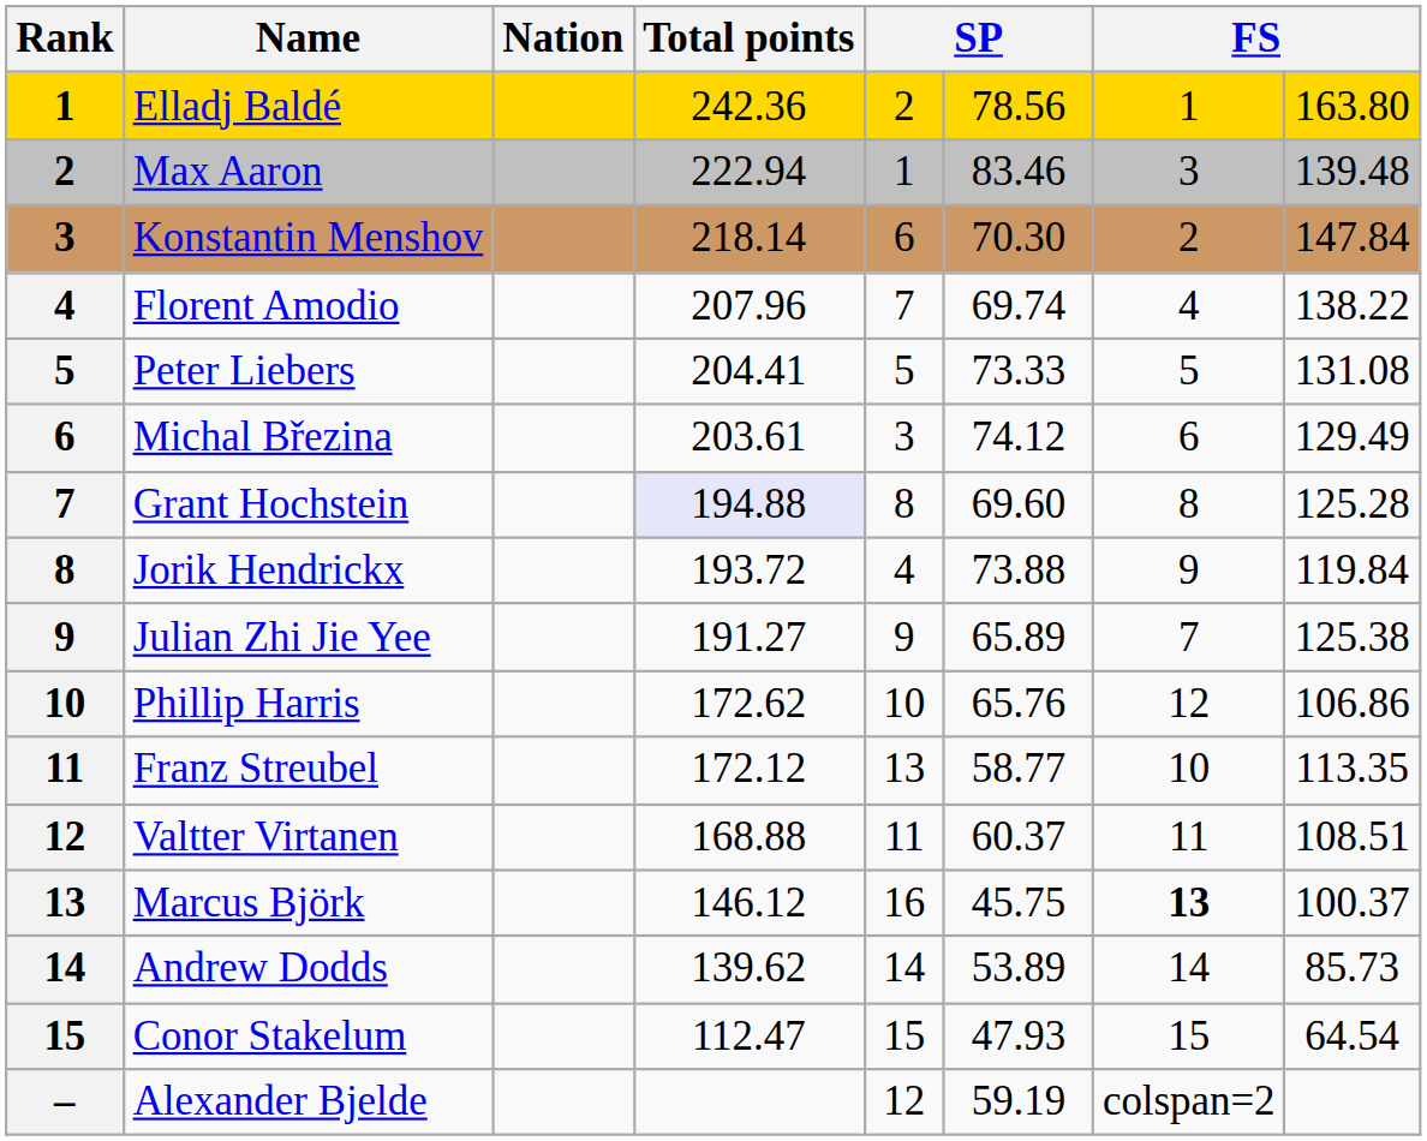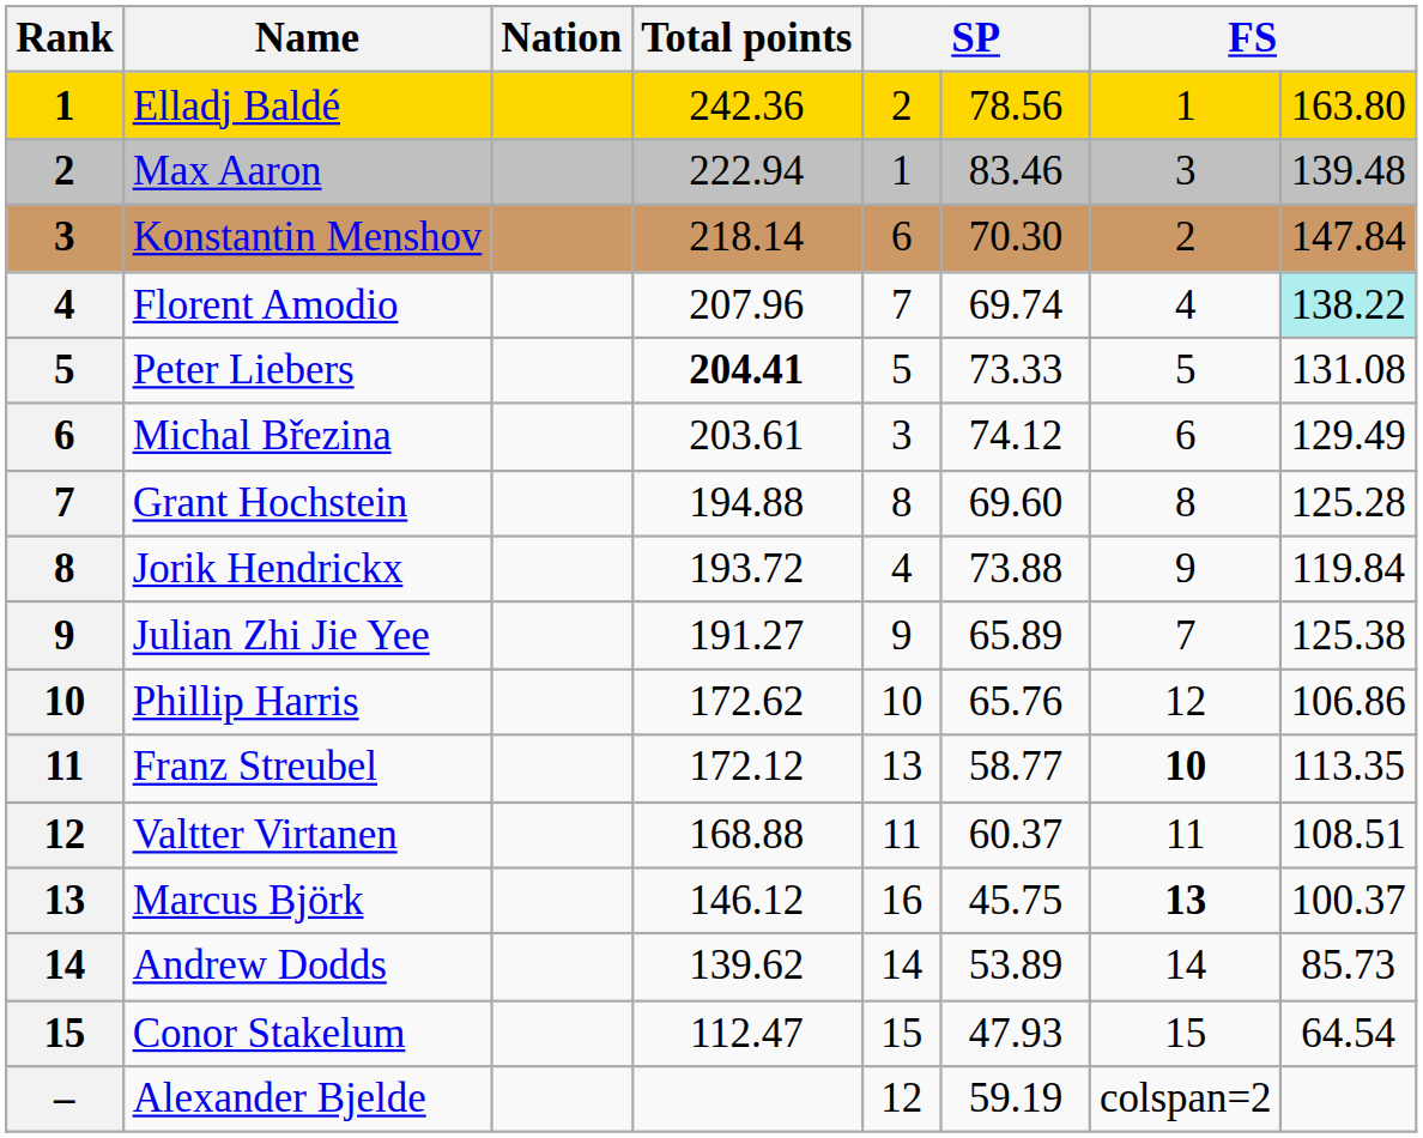 <table class="wikitable sortable">
 <tr>
 <th>Rank</th>
 <th>Name</th>
 <th>Nation</th>
 <th>Total points</th>
 <th colspan="2" width="80px"><a href='#'>SP</a></th>
 <th colspan="2" width="80px"><a href='#'>FS</a></th>
 </tr>
 <tr bgcolor="gold">
 <td align="center"><strong>1</strong></td>
 <td><a href='#'>Elladj Baldé</a></td>
 <td></td>
 <td align="center">242.36</td>
 <td align="center">2</td>
 <td align="center">78.56</td>
 <td align="center">1</td>
 <td align="center">163.80</td>
 </tr>
 <tr bgcolor="silver">
 <td align="center"><strong>2</strong></td>
 <td><a href='#'>Max Aaron</a></td>
 <td></td>
 <td align="center">222.94</td>
 <td align="center">1</td>
 <td align="center">83.46</td>
 <td align="center">3</td>
 <td align="center">139.48</td>
 </tr>
 <tr bgcolor="cc9966">
 <td align="center"><strong>3</strong></td>
 <td><a href='#'>Konstantin Menshov</a></td>
 <td></td>
 <td align="center">218.14</td>
 <td align="center">6</td>
 <td align="center">70.30</td>
 <td align="center">2</td>
 <td align="center">147.84</td>
 </tr>
 <tr>
 <th>4</th>
 <td><a href='#'>Florent Amodio</a></td>
 <td></td>
 <td align="center">207.96</td>
 <td align="center">7</td>
 <td align="center">69.74</td>
 <td align="center">4</td>
-<td align="center">138.22</td>
+<td align="center" style="background: paleturquoise;">138.22</td>
 </tr>
 <tr>
 <th>5</th>
 <td><a href='#'>Peter Liebers</a></td>
 <td></td>
-<td align="center">204.41</td>
+<td align="center"><strong>204.41</strong></td>
 <td align="center">5</td>
 <td align="center">73.33</td>
 <td align="center">5</td>
 <td align="center">131.08</td>
 </tr>
 <tr>
 <th>6</th>
 <td><a href='#'>Michal Březina</a></td>
 <td></td>
 <td align="center">203.61</td>
 <td align="center">3</td>
 <td align="center">74.12</td>
 <td align="center">6</td>
 <td align="center">129.49</td>
 </tr>
 <tr>
 <th>7</th>
 <td><a href='#'>Grant Hochstein</a></td>
 <td></td>
-<td align="center" style="background: lavender;">194.88</td>
+<td align="center">194.88</td>
 <td align="center">8</td>
 <td align="center">69.60</td>
 <td align="center">8</td>
 <td align="center">125.28</td>
 </tr>
 <tr>
 <th>8</th>
 <td><a href='#'>Jorik Hendrickx</a></td>
 <td></td>
 <td align="center">193.72</td>
 <td align="center">4</td>
 <td align="center">73.88</td>
 <td align="center">9</td>
 <td align="center">119.84</td>
 </tr>
 <tr>
 <th>9</th>
 <td><a href='#'>Julian Zhi Jie Yee</a></td>
 <td></td>
 <td align="center">191.27</td>
 <td align="center">9</td>
 <td align="center">65.89</td>
 <td align="center">7</td>
 <td align="center">125.38</td>
 </tr>
 <tr>
 <th>10</th>
 <td><a href='#'>Phillip Harris</a></td>
 <td></td>
 <td align="center">172.62</td>
 <td align="center">10</td>
 <td align="center">65.76</td>
 <td align="center">12</td>
 <td align="center">106.86</td>
 </tr>
 <tr>
 <th>11</th>
 <td><a href='#'>Franz Streubel</a></td>
 <td></td>
 <td align="center">172.12</td>
 <td align="center">13</td>
 <td align="center">58.77</td>
-<td align="center">10</td>
+<td align="center"><strong>10</strong></td>
 <td align="center">113.35</td>
 </tr>
 <tr>
 <th>12</th>
 <td><a href='#'>Valtter Virtanen</a></td>
 <td></td>
 <td align="center">168.88</td>
 <td align="center">11</td>
 <td align="center">60.37</td>
 <td align="center">11</td>
 <td align="center">108.51</td>
 </tr>
 <tr>
 <th>13</th>
 <td><a href='#'>Marcus Björk</a></td>
 <td></td>
 <td align="center">146.12</td>
 <td align="center">16</td>
 <td align="center">45.75</td>
 <td align="center"><strong>13</strong></td>
 <td align="center">100.37</td>
 </tr>
 <tr>
 <th>14</th>
 <td><a href='#'>Andrew Dodds</a></td>
 <td></td>
 <td align="center">139.62</td>
 <td align="center">14</td>
 <td align="center">53.89</td>
 <td align="center">14</td>
 <td align="center">85.73</td>
 </tr>
 <tr>
 <th>15</th>
 <td><a href='#'>Conor Stakelum</a></td>
 <td></td>
 <td align="center">112.47</td>
 <td align="center">15</td>
 <td align="center">47.93</td>
 <td align="center">15</td>
 <td align="center">64.54</td>
 </tr>
 <tr>
 <th>–</th>
 <td><a href='#'>Alexander Bjelde</a></td>
 <td></td>
 <td></td>
 <td align="center">12</td>
 <td align="center">59.19</td>
 <td>colspan=2 </td>
 </tr>
 </table>
